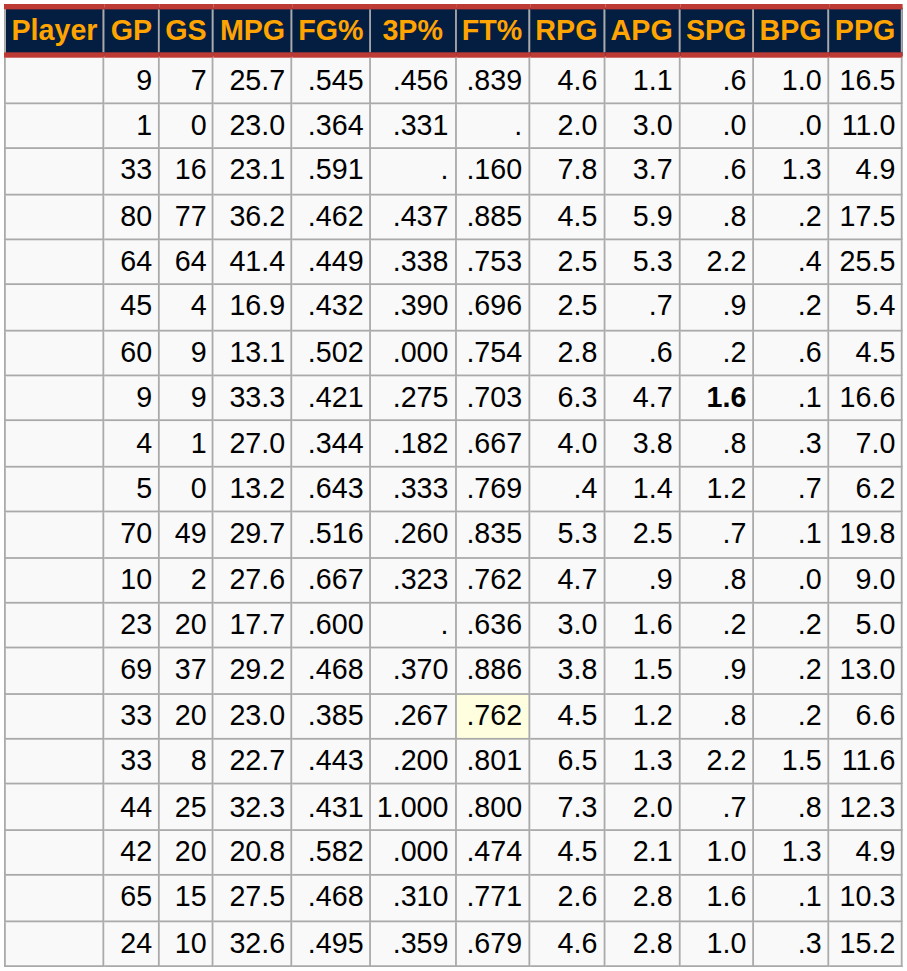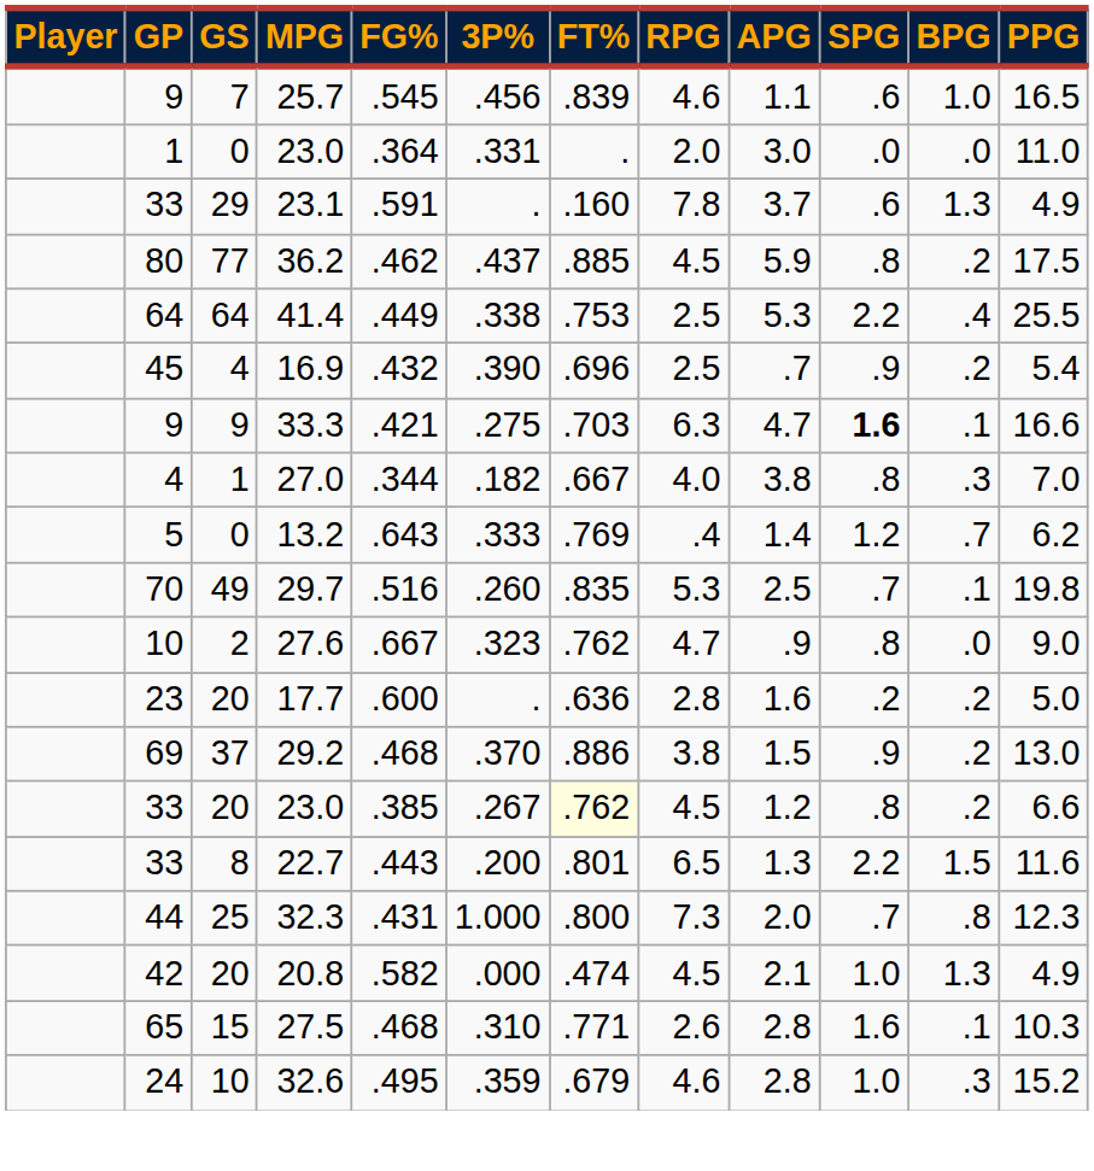 <table class="wikitable sortable" style="text-align:right;">
 <tr>
 <th style="background:#041E42; color:#FFA400; border-top:#BE3A34 3px solid; border-bottom:#BE3A34 3px solid;">Player</th>
 <th style="background:#041E42; color:#FFA400; border-top:#BE3A34 3px solid; border-bottom:#BE3A34 3px solid;">GP</th>
 <th style="background:#041E42; color:#FFA400; border-top:#BE3A34 3px solid; border-bottom:#BE3A34 3px solid;">GS</th>
 <th style="background:#041E42; color:#FFA400; border-top:#BE3A34 3px solid; border-bottom:#BE3A34 3px solid;">MPG</th>
 <th style="background:#041E42; color:#FFA400; border-top:#BE3A34 3px solid; border-bottom:#BE3A34 3px solid;">FG%</th>
 <th style="background:#041E42; color:#FFA400; border-top:#BE3A34 3px solid; border-bottom:#BE3A34 3px solid;">3P%</th>
 <th style="background:#041E42; color:#FFA400; border-top:#BE3A34 3px solid; border-bottom:#BE3A34 3px solid;">FT%</th>
 <th style="background:#041E42; color:#FFA400; border-top:#BE3A34 3px solid; border-bottom:#BE3A34 3px solid;">RPG</th>
 <th style="background:#041E42; color:#FFA400; border-top:#BE3A34 3px solid; border-bottom:#BE3A34 3px solid;">APG</th>
 <th style="background:#041E42; color:#FFA400; border-top:#BE3A34 3px solid; border-bottom:#BE3A34 3px solid;">SPG</th>
 <th style="background:#041E42; color:#FFA400; border-top:#BE3A34 3px solid; border-bottom:#BE3A34 3px solid;">BPG</th>
 <th style="background:#041E42; color:#FFA400; border-top:#BE3A34 3px solid; border-bottom:#BE3A34 3px solid;">PPG</th>
 </tr>
 <tr>
 <td></td>
 <td>9</td>
 <td>7</td>
 <td>25.7</td>
 <td>.545</td>
 <td>.456</td>
 <td>.839</td>
 <td>4.6</td>
 <td>1.1</td>
 <td>.6</td>
 <td>1.0</td>
 <td>16.5</td>
 </tr>
 <tr>
 <td></td>
 <td>1</td>
 <td>0</td>
 <td>23.0</td>
 <td>.364</td>
 <td>.331</td>
 <td>.</td>
 <td>2.0</td>
 <td>3.0</td>
 <td>.0</td>
 <td>.0</td>
 <td>11.0</td>
 </tr>
 <tr>
 <td></td>
 <td>33</td>
-<td>16</td>
+<td>29</td>
 <td>23.1</td>
 <td>.591</td>
 <td>.</td>
 <td>.160</td>
 <td>7.8</td>
 <td>3.7</td>
 <td>.6</td>
 <td>1.3</td>
 <td>4.9</td>
 </tr>
 <tr>
 <td></td>
 <td>80</td>
 <td>77</td>
 <td>36.2</td>
 <td>.462</td>
 <td>.437</td>
 <td>.885</td>
 <td>4.5</td>
 <td>5.9</td>
 <td>.8</td>
 <td>.2</td>
 <td>17.5</td>
 </tr>
 <tr>
 <td></td>
 <td>64</td>
 <td>64</td>
 <td>41.4</td>
 <td>.449</td>
 <td>.338</td>
 <td>.753</td>
 <td>2.5</td>
 <td>5.3</td>
 <td>2.2</td>
 <td>.4</td>
 <td>25.5</td>
 </tr>
 <tr>
 <td></td>
 <td>45</td>
 <td>4</td>
 <td>16.9</td>
 <td>.432</td>
 <td>.390</td>
 <td>.696</td>
 <td>2.5</td>
 <td>.7</td>
 <td>.9</td>
 <td>.2</td>
 <td>5.4</td>
-</tr>
-<tr>
-<td></td>
-<td>60</td>
-<td>9</td>
-<td>13.1</td>
-<td>.502</td>
-<td>.000</td>
-<td>.754</td>
-<td>2.8</td>
-<td>.6</td>
-<td>.2</td>
-<td>.6</td>
-<td>4.5</td>
 </tr>
 <tr>
 <td></td>
 <td>9</td>
 <td>9</td>
 <td>33.3</td>
 <td>.421</td>
 <td>.275</td>
 <td>.703</td>
 <td>6.3</td>
 <td>4.7</td>
 <td><strong>1.6</strong></td>
 <td>.1</td>
 <td>16.6</td>
 </tr>
 <tr>
 <td></td>
 <td>4</td>
 <td>1</td>
 <td>27.0</td>
 <td>.344</td>
 <td>.182</td>
 <td>.667</td>
 <td>4.0</td>
 <td>3.8</td>
 <td>.8</td>
 <td>.3</td>
 <td>7.0</td>
 </tr>
 <tr>
 <td></td>
 <td>5</td>
 <td>0</td>
 <td>13.2</td>
 <td>.643</td>
 <td>.333</td>
 <td>.769</td>
 <td>.4</td>
 <td>1.4</td>
 <td>1.2</td>
 <td>.7</td>
 <td>6.2</td>
 </tr>
 <tr>
 <td></td>
 <td>70</td>
 <td>49</td>
 <td>29.7</td>
 <td>.516</td>
 <td>.260</td>
 <td>.835</td>
 <td>5.3</td>
 <td>2.5</td>
 <td>.7</td>
 <td>.1</td>
 <td>19.8</td>
 </tr>
 <tr>
 <td></td>
 <td>10</td>
 <td>2</td>
 <td>27.6</td>
 <td>.667</td>
 <td>.323</td>
 <td>.762</td>
 <td>4.7</td>
 <td>.9</td>
 <td>.8</td>
 <td>.0</td>
 <td>9.0</td>
 </tr>
 <tr>
 <td></td>
 <td>23</td>
 <td>20</td>
 <td>17.7</td>
 <td>.600</td>
 <td>.</td>
 <td>.636</td>
-<td>3.0</td>
+<td>2.8</td>
 <td>1.6</td>
 <td>.2</td>
 <td>.2</td>
 <td>5.0</td>
 </tr>
 <tr>
 <td></td>
 <td>69</td>
 <td>37</td>
 <td>29.2</td>
 <td>.468</td>
 <td>.370</td>
 <td>.886</td>
 <td>3.8</td>
 <td>1.5</td>
 <td>.9</td>
 <td>.2</td>
 <td>13.0</td>
 </tr>
 <tr>
 <td></td>
 <td>33</td>
 <td>20</td>
 <td>23.0</td>
 <td>.385</td>
 <td>.267</td>
 <td style="background: lightyellow;">.762</td>
 <td>4.5</td>
 <td>1.2</td>
 <td>.8</td>
 <td>.2</td>
 <td>6.6</td>
 </tr>
 <tr>
 <td></td>
 <td>33</td>
 <td>8</td>
 <td>22.7</td>
 <td>.443</td>
 <td>.200</td>
 <td>.801</td>
 <td>6.5</td>
 <td>1.3</td>
 <td>2.2</td>
 <td>1.5</td>
 <td>11.6</td>
 </tr>
 <tr>
 <td></td>
 <td>44</td>
 <td>25</td>
 <td>32.3</td>
 <td>.431</td>
 <td>1.000</td>
 <td>.800</td>
 <td>7.3</td>
 <td>2.0</td>
 <td>.7</td>
 <td>.8</td>
 <td>12.3</td>
 </tr>
 <tr>
 <td></td>
 <td>42</td>
 <td>20</td>
 <td>20.8</td>
 <td>.582</td>
 <td>.000</td>
 <td>.474</td>
 <td>4.5</td>
 <td>2.1</td>
 <td>1.0</td>
 <td>1.3</td>
 <td>4.9</td>
 </tr>
 <tr>
 <td></td>
 <td>65</td>
 <td>15</td>
 <td>27.5</td>
 <td>.468</td>
 <td>.310</td>
 <td>.771</td>
 <td>2.6</td>
 <td>2.8</td>
 <td>1.6</td>
 <td>.1</td>
 <td>10.3</td>
 </tr>
 <tr>
 <td></td>
 <td>24</td>
 <td>10</td>
 <td>32.6</td>
 <td>.495</td>
 <td>.359</td>
 <td>.679</td>
 <td>4.6</td>
 <td>2.8</td>
 <td>1.0</td>
 <td>.3</td>
 <td>15.2</td>
 </tr>
 </table>
